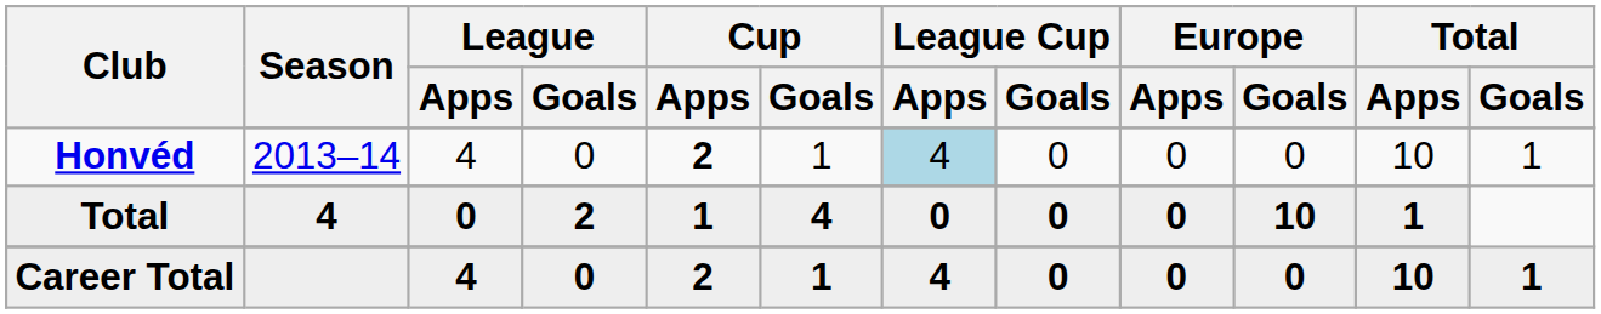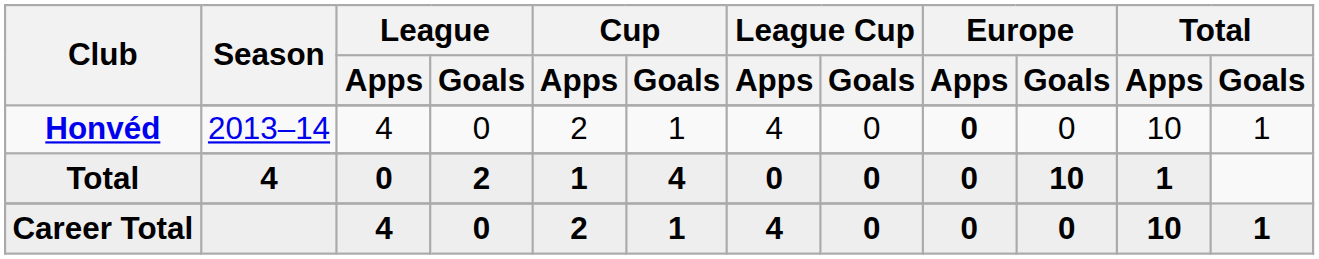 <table class="wikitable" style="font-size:90%; text-align: center;">
 <tr>
 <th rowspan="2">Club</th>
 <th rowspan="2">Season</th>
 <th colspan="2">League</th>
 <th colspan="2">Cup</th>
 <th colspan="2">League Cup</th>
 <th colspan="2">Europe</th>
 <th colspan="2">Total</th>
 </tr>
 <tr>
 <th>Apps</th>
 <th>Goals</th>
 <th>Apps</th>
 <th>Goals</th>
 <th>Apps</th>
 <th>Goals</th>
 <th>Apps</th>
 <th>Goals</th>
 <th>Apps</th>
 <th>Goals</th>
 </tr>
 <tr ||-||-||-|->
 <td rowspan="3" valign="center"><strong><a href='#'>Honvéd</a></strong></td>
 </tr>
 <tr>
 <td><a href='#'>2013–14</a></td>
 <td>4</td>
 <td>0</td>
-<td><strong>2</strong></td>
+<td>2</td>
 <td>1</td>
-<td style="background: lightblue;">4</td>
+<td>4</td>
 <td>0</td>
-<td>0</td>
+<td><strong>0</strong></td>
 <td>0</td>
 <td>10</td>
 <td>1</td>
 </tr>
 <tr>
 </tr>
 <tr style="font-weight:bold; background-color:#eeeeee;">
 <td>Total</td>
 <td>4</td>
 <td>0</td>
 <td>2</td>
 <td>1</td>
 <td>4</td>
 <td>0</td>
 <td>0</td>
 <td>0</td>
 <td>10</td>
 <td>1</td>
 </tr>
 <tr>
 </tr>
 <tr style="font-weight:bold; background-color:#eeeeee;">
 <td rowspan="2" valign="top"><strong>Career Total</strong></td>
 <td></td>
 <td><strong>4</strong></td>
 <td><strong>0</strong></td>
 <td><strong>2</strong></td>
 <td><strong>1</strong></td>
 <td><strong>4</strong></td>
 <td><strong>0</strong></td>
 <td><strong>0</strong></td>
 <td><strong>0</strong></td>
 <td><strong>10</strong></td>
 <td><strong>1</strong></td>
 </tr>
 </table>
